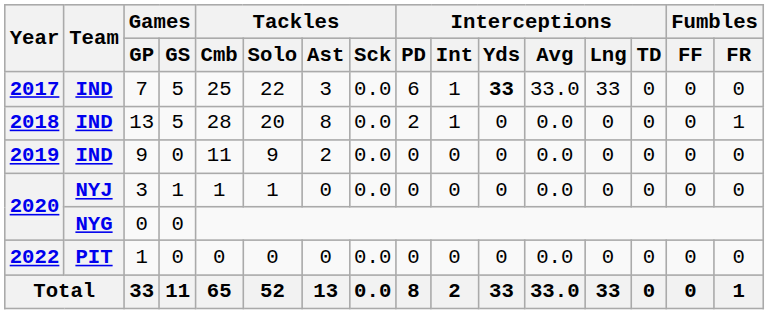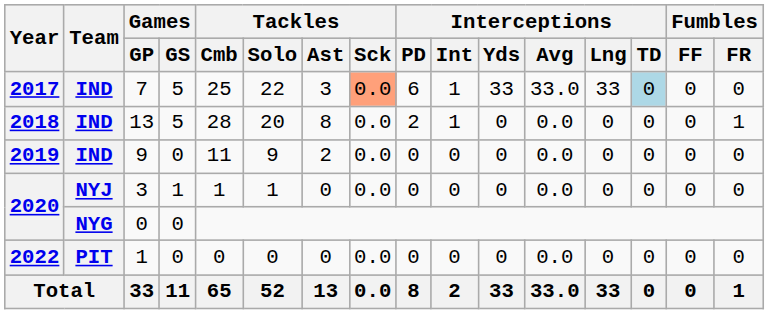 <table class="wikitable" style="text-align:center;">
 <tr>
 <th rowspan="2">Year</th>
 <th rowspan="2">Team</th>
 <th colspan="2">Games</th>
 <th colspan="4">Tackles</th>
 <th colspan="6">Interceptions</th>
 <th colspan="2">Fumbles</th>
 </tr>
 <tr>
 <th>GP</th>
 <th>GS</th>
 <th>Cmb</th>
 <th>Solo</th>
 <th>Ast</th>
 <th>Sck</th>
 <th>PD</th>
 <th>Int</th>
 <th>Yds</th>
 <th>Avg</th>
 <th>Lng</th>
 <th>TD</th>
 <th>FF</th>
 <th>FR</th>
 </tr>
 <tr>
 <th><a href='#'>2017</a></th>
 <th><a href='#'>IND</a></th>
 <td>7</td>
 <td>5</td>
 <td>25</td>
 <td>22</td>
 <td>3</td>
-<td>0.0</td>
+<td style="background: lightsalmon;">0.0</td>
 <td>6</td>
 <td>1</td>
-<td><strong>33</strong></td>
+<td>33</td>
 <td>33.0</td>
 <td>33</td>
-<td>0</td>
+<td style="background: lightblue;">0</td>
 <td>0</td>
 <td>0</td>
 </tr>
 <tr>
 <th><a href='#'>2018</a></th>
 <th><a href='#'>IND</a></th>
 <td>13</td>
 <td>5</td>
 <td>28</td>
 <td>20</td>
 <td>8</td>
 <td>0.0</td>
 <td>2</td>
 <td>1</td>
 <td>0</td>
 <td>0.0</td>
 <td>0</td>
 <td>0</td>
 <td>0</td>
 <td>1</td>
 </tr>
 <tr>
 <th><a href='#'>2019</a></th>
 <th><a href='#'>IND</a></th>
 <td>9</td>
 <td>0</td>
 <td>11</td>
 <td>9</td>
 <td>2</td>
 <td>0.0</td>
 <td>0</td>
 <td>0</td>
 <td>0</td>
 <td>0.0</td>
 <td>0</td>
 <td>0</td>
 <td>0</td>
 <td>0</td>
 </tr>
 <tr>
 <th rowspan="2"><a href='#'>2020</a></th>
 <th><a href='#'>NYJ</a></th>
 <td>3</td>
 <td>1</td>
 <td>1</td>
 <td>1</td>
 <td>0</td>
 <td>0.0</td>
 <td>0</td>
 <td>0</td>
 <td>0</td>
 <td>0.0</td>
 <td>0</td>
 <td>0</td>
 <td>0</td>
 <td>0</td>
 </tr>
 <tr>
 <th><a href='#'>NYG</a></th>
 <td>0</td>
 <td>0</td>
 <td colspan="12"></td>
 </tr>
 <tr>
 <th><a href='#'>2022</a></th>
 <th><a href='#'>PIT</a></th>
 <td>1</td>
 <td>0</td>
 <td>0</td>
 <td>0</td>
 <td>0</td>
 <td>0.0</td>
 <td>0</td>
 <td>0</td>
 <td>0</td>
 <td>0.0</td>
 <td>0</td>
 <td>0</td>
 <td>0</td>
 <td>0</td>
 </tr>
 <tr>
 <th colspan="2">Total</th>
 <th>33</th>
 <th>11</th>
 <th>65</th>
 <th>52</th>
 <th>13</th>
 <th>0.0</th>
 <th>8</th>
 <th>2</th>
 <th>33</th>
 <th>33.0</th>
 <th>33</th>
 <th>0</th>
 <th>0</th>
 <th>1</th>
 </tr>
 </table>
